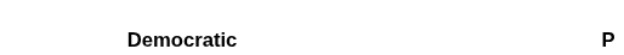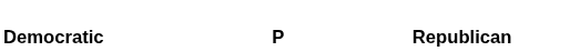 <table style="width:70%; text-align:center">
 <tr style="color:white">
 <td style="background:"><strong>218</strong></td>
 <td style="background:"><strong>3</strong></td>
 <td style="background:"><strong>11</strong></td>
+<td style="background:"><strong>124</strong></td>
 </tr>
 <tr>
 <td><span><strong>Democratic</strong></span></td>
 <td></td>
 <td><span><strong>P</strong></span></td>
+<td><span><strong>Republican</strong></span></td>
 </tr>
 </table>
